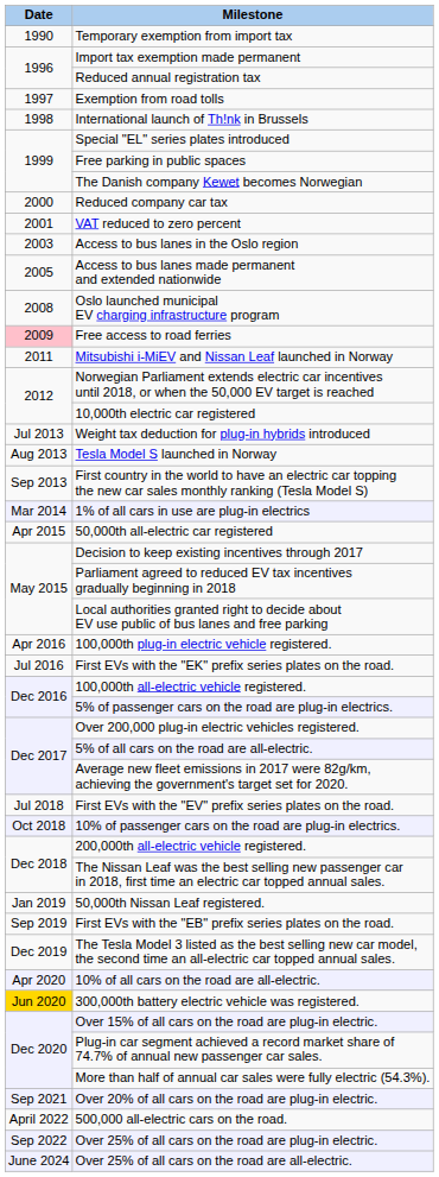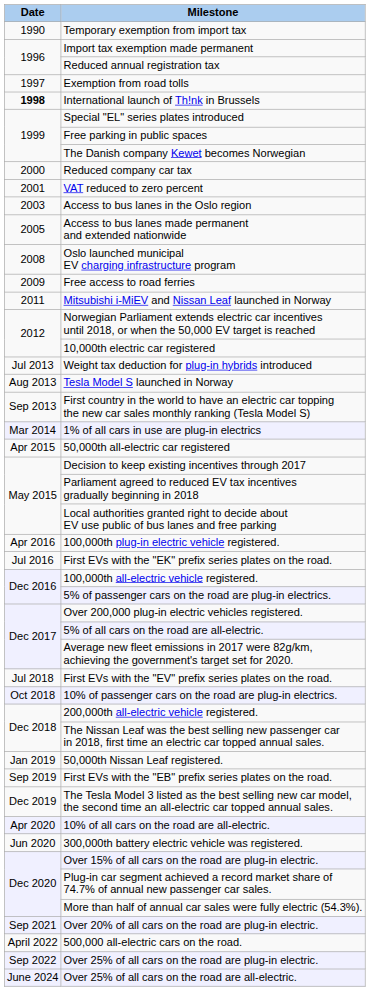 <table class="wikitable" style="float: left; clear:left; margin-right: 20px">
 <tr>
 <th style="background:#ABCDEF;">Date</th>
 <th style="background:#abcdef;">Milestone</th>
 </tr>
 <tr align=center>
 <td>1990</td>
 <td align=left>Temporary exemption from import tax</td>
 </tr>
 <tr align=center>
 <td rowspan="2">1996</td>
 <td align=left>Import tax exemption made permanent</td>
 </tr>
 <tr align=center>
 <td align=left>Reduced annual registration tax</td>
 </tr>
 <tr align=center>
 <td>1997</td>
 <td align=left>Exemption from road tolls</td>
 </tr>
 <tr align=center>
-<td>1998</td>
+<td><strong>1998</strong></td>
 <td align=left>International launch of <a href='#'>Th!nk</a> in Brussels</td>
 </tr>
 <tr align=center>
 <td rowspan="3">1999</td>
 <td align=left>Special "EL" series plates introduced</td>
 </tr>
 <tr align=center>
 <td align=left>Free parking in public spaces</td>
 </tr>
 <tr align=center>
 <td align=left>The Danish company <a href='#'>Kewet</a> becomes Norwegian</td>
 </tr>
 <tr align=center>
 <td>2000</td>
 <td align=left>Reduced company car tax</td>
 </tr>
 <tr align=center>
 <td>2001</td>
 <td align=left><a href='#'>VAT</a> reduced to zero percent</td>
 </tr>
 <tr align=center>
 <td>2003</td>
 <td align=left>Access to bus lanes in the Oslo region</td>
 </tr>
 <tr align=center>
 <td>2005</td>
 <td align=left>Access to bus lanes made permanent<br>and extended nationwide</td>
 </tr>
 <tr align=center>
 <td>2008</td>
 <td align=left>Oslo launched municipal<br> EV <a href='#'>charging infrastructure</a> program</td>
 </tr>
 <tr align=center>
-<td style="background: pink;">2009</td>
+<td>2009</td>
 <td align=left>Free access to road ferries</td>
 </tr>
 <tr align=center>
 <td>2011</td>
 <td align=left><a href='#'>Mitsubishi i-MiEV</a> and <a href='#'>Nissan Leaf</a> launched in Norway</td>
 </tr>
 <tr align=center>
 <td rowspan="2">2012</td>
 <td align=left>Norwegian Parliament extends electric car incentives<br> until 2018, or when the 50,000 EV target is reached</td>
 </tr>
 <tr align=center>
 <td align=left>10,000th electric car registered</td>
 </tr>
 <tr align=center>
 <td>Jul 2013</td>
 <td align=left>Weight tax deduction for <a href='#'>plug-in hybrids</a> introduced</td>
 </tr>
 <tr align=center>
 <td>Aug 2013</td>
 <td align=left><a href='#'>Tesla Model S</a> launched in Norway</td>
 </tr>
 <tr align=center>
 <td>Sep 2013</td>
 <td align=left>First country in the world to have an electric car topping <br>the new car sales monthly ranking (Tesla Model S)</td>
 </tr>
 <tr align=center>
 <td bgcolor="#f0f0ff">Mar 2014</td>
 <td align=left bgcolor="#f0f0ff">1% of all cars in use are plug-in electrics</td>
 </tr>
 <tr align=center>
 <td>Apr 2015</td>
 <td align=left>50,000th all-electric car registered</td>
 </tr>
 <tr align=center>
 <td rowspan="3">May 2015</td>
 <td align=left>Decision to keep existing incentives through 2017</td>
 </tr>
 <tr align=center>
 <td align=left>Parliament agreed to reduced EV tax incentives <br>gradually beginning in 2018</td>
 </tr>
 <tr align=center>
 <td align=left>Local authorities granted right to decide about <br>EV use public of bus lanes and free parking</td>
 </tr>
 <tr align=center>
 <td>Apr 2016</td>
 <td align=left>100,000th <a href='#'>plug-in electric vehicle</a> registered.</td>
 </tr>
 <tr align=center>
 <td>Jul 2016</td>
 <td align=left>First EVs with the "EK" prefix series plates on the road.</td>
 </tr>
 <tr align=center>
 <td rowspan="2" bgcolor="#f0f0ff">Dec 2016</td>
 <td align=left>100,000th <a href='#'>all-electric vehicle</a> registered.</td>
 </tr>
 <tr align=center>
 <td align=left bgcolor="#f0f0ff">5% of passenger cars on the road are plug-in electrics.</td>
 </tr>
 <tr align=center>
 <td rowspan="3" bgcolor="#f0f0ff">Dec 2017</td>
 <td align=left>Over 200,000 plug-in electric vehicles registered.</td>
 </tr>
 <tr align=center>
 <td align=left bgcolor="#f0f0ff">5% of all cars on the road are all-electric.</td>
 </tr>
 <tr align=center>
 <td align=left>Average new fleet  emissions in 2017 were 82g/km,<br> achieving the government's target set for 2020.</td>
 </tr>
 <tr align=center>
 <td>Jul 2018</td>
 <td align=left>First EVs with the "EV" prefix series plates on the road.</td>
 </tr>
 <tr align=center>
 <td bgcolor="#f0f0ff">Oct 2018</td>
 <td align=left bgcolor="#f0f0ff">10% of passenger cars on the road are plug-in electrics.</td>
 </tr>
 <tr align=center>
 <td rowspan="2">Dec 2018</td>
 <td align=left>200,000th <a href='#'>all-electric vehicle</a> registered.</td>
 </tr>
 <tr align=center>
 <td align=left>The Nissan Leaf was the best selling new passenger car<br> in 2018, first time an electric car topped annual sales.</td>
 </tr>
 <tr align=center>
 <td>Jan 2019</td>
 <td align=left>50,000th Nissan Leaf registered.</td>
 </tr>
 <tr align=center>
 <td>Sep 2019</td>
 <td align=left>First EVs with the "EB" prefix series plates on the road.</td>
 </tr>
 <tr align=center>
 <td>Dec 2019</td>
 <td align=left>The Tesla Model 3 listed as the best selling new car model,<br>the second time an all-electric car topped annual sales.</td>
 </tr>
 <tr align=center>
 <td bgcolor="#f0f0ff">Apr 2020</td>
 <td align=left bgcolor="#f0f0ff">10% of all cars on the road are all-electric.</td>
 </tr>
 <tr align=center>
-<td style="background: gold;">Jun 2020</td>
+<td>Jun 2020</td>
 <td align=left>300,000th battery electric vehicle was registered.</td>
 </tr>
 <tr align=center>
 <td rowspan="3" bgcolor="#f0f0ff">Dec 2020</td>
 <td align=left bgcolor="#f0f0ff">Over 15% of all cars on the road are plug-in electric.</td>
 </tr>
 <tr>
 <td align=left>Plug-in car segment achieved a record market share of<br> 74.7% of annual new passenger car sales.</td>
 </tr>
 <tr>
 <td align=left>More than half of annual car sales were fully electric (54.3%).</td>
 </tr>
 <tr align=center>
 <td bgcolor="#f0f0ff">Sep 2021</td>
 <td align=left bgcolor="#f0f0ff">Over 20% of all cars on the road are plug-in electric.</td>
 </tr>
 <tr align=center>
 <td>April 2022</td>
 <td align=left>500,000 all-electric cars on the road.</td>
 </tr>
 <tr align=center>
 <td bgcolor="#f0f0ff">Sep 2022</td>
 <td align=left bgcolor="#f0f0ff">Over 25% of all cars on the road are plug-in electric.</td>
 </tr>
 <tr align=center>
 <td bgcolor="#f0f0ff">June 2024</td>
 <td align=left bgcolor="#f0f0ff">Over 25% of all cars on the road are all-electric.</td>
 </tr>
 </table>
